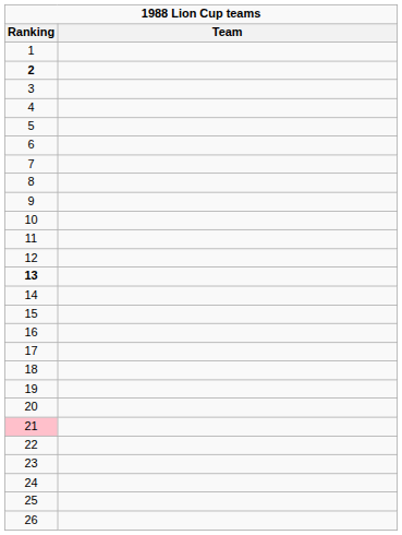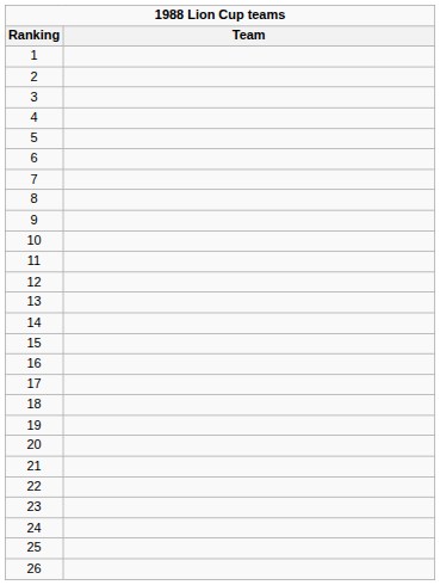 <table class="wikitable" style="text-align:left; line-height:110%; font-size:90%; width:30%;">
 <tr>
 <td colspan="5" cellpadding="0" cellspacing="0" style="text-align:center"><strong>1988 Lion Cup teams</strong></td>
 </tr>
 <tr>
 <th style="width:10%;">Ranking</th>
 <th style="width:90%;">Team</th>
 </tr>
 <tr>
 <td style="text-align:center">1</td>
 <td></td>
 </tr>
 <tr>
-<td style="text-align:center"><strong>2</strong></td>
+<td style="text-align:center">2</td>
 <td></td>
 </tr>
 <tr>
 <td style="text-align:center">3</td>
 <td></td>
 </tr>
 <tr>
 <td style="text-align:center">4</td>
 <td></td>
 </tr>
 <tr>
 <td style="text-align:center">5</td>
 <td></td>
 </tr>
 <tr>
 <td style="text-align:center">6</td>
 <td></td>
 </tr>
 <tr>
 <td style="text-align:center">7</td>
 <td></td>
 </tr>
 <tr>
 <td style="text-align:center">8</td>
 <td></td>
 </tr>
 <tr>
 <td style="text-align:center">9</td>
 <td></td>
 </tr>
 <tr>
 <td style="text-align:center">10</td>
 <td></td>
 </tr>
 <tr>
 <td style="text-align:center">11</td>
 <td></td>
 </tr>
 <tr>
 <td style="text-align:center">12</td>
 <td></td>
 </tr>
 <tr>
-<td style="text-align:center"><strong>13</strong></td>
+<td style="text-align:center">13</td>
 <td></td>
 </tr>
 <tr>
 <td style="text-align:center">14</td>
 <td></td>
 </tr>
 <tr>
 <td style="text-align:center">15</td>
 <td></td>
 </tr>
 <tr>
 <td style="text-align:center">16</td>
 <td></td>
 </tr>
 <tr>
 <td style="text-align:center">17</td>
 <td></td>
 </tr>
 <tr>
 <td style="text-align:center">18</td>
 <td></td>
 </tr>
 <tr>
 <td style="text-align:center">19</td>
 <td></td>
 </tr>
 <tr>
 <td style="text-align:center">20</td>
 <td></td>
 </tr>
 <tr>
-<td style="background: pink; text-align:center">21</td>
+<td style="text-align:center">21</td>
 <td></td>
 </tr>
 <tr>
 <td style="text-align:center">22</td>
 <td></td>
 </tr>
 <tr>
 <td style="text-align:center">23</td>
 <td></td>
 </tr>
 <tr>
 <td style="text-align:center">24</td>
 <td></td>
 </tr>
 <tr>
 <td style="text-align:center">25</td>
 <td></td>
 </tr>
 <tr>
 <td style="text-align:center">26</td>
 <td></td>
 </tr>
 </table>
